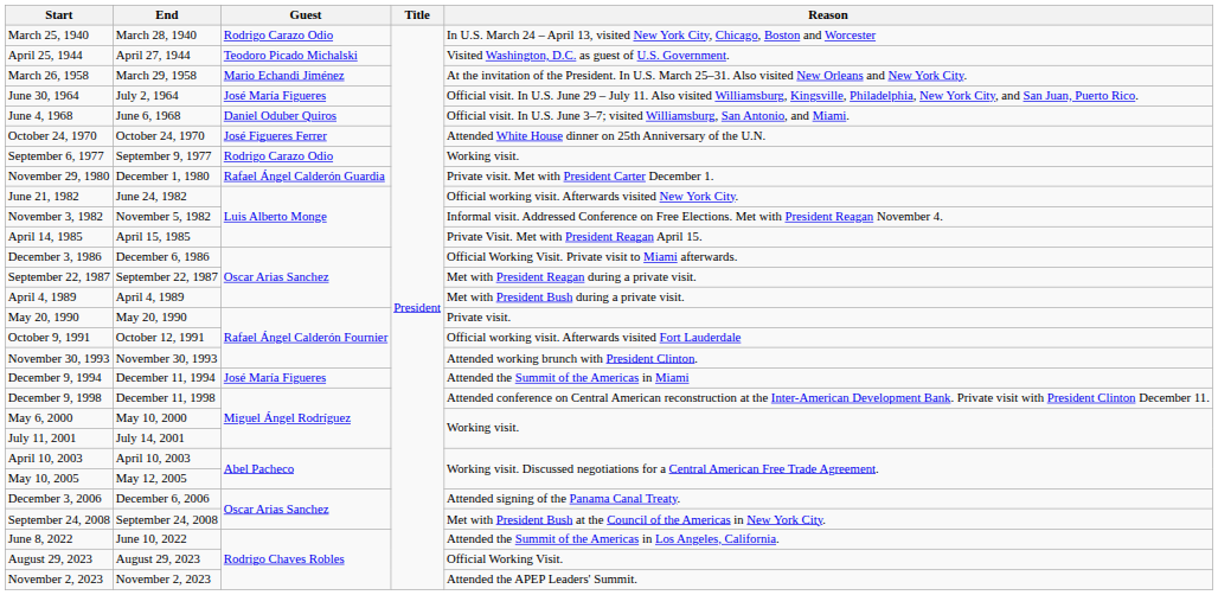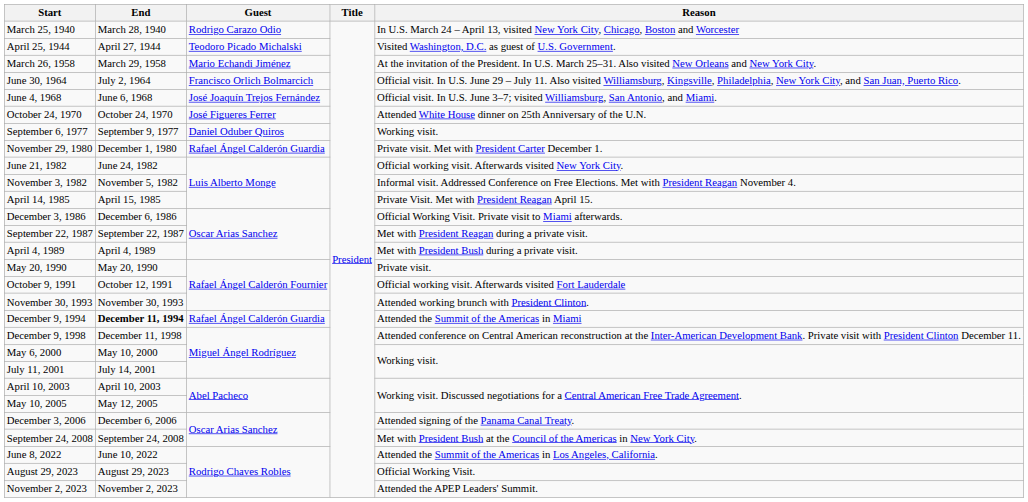 <table class="wikitable sortable">
 <tr>
 <th>Start</th>
 <th>End</th>
 <th>Guest</th>
 <th>Title</th>
 <th>Reason</th>
 </tr>
 <tr>
 <td>March 25, 1940</td>
 <td>March 28, 1940</td>
 <td><a href='#'>Rodrigo Carazo Odio</a></td>
 <td rowspan=28><a href='#'>President</a></td>
 <td>In U.S. March 24 – April 13, visited <a href='#'>New York City</a>, <a href='#'>Chicago</a>, <a href='#'>Boston</a> and <a href='#'>Worcester</a></td>
 </tr>
 <tr>
 <td>April 25, 1944</td>
 <td>April 27, 1944</td>
 <td><a href='#'>Teodoro Picado Michalski</a></td>
 <td>Visited <a href='#'>Washington, D.C.</a> as guest of <a href='#'>U.S. Government</a>.</td>
 </tr>
 <tr>
 <td>March 26, 1958</td>
 <td>March 29, 1958</td>
 <td><a href='#'>Mario Echandi Jiménez</a></td>
 <td>At the invitation of the President. In U.S. March 25–31. Also visited <a href='#'>New Orleans</a> and <a href='#'>New York City</a>.</td>
 </tr>
 <tr>
 <td>June 30, 1964</td>
 <td>July 2, 1964</td>
-<td><a href='#'>José María Figueres</a></td>
+<td><a href='#'>Francisco Orlich Bolmarcich</a></td>
 <td>Official visit. In U.S. June 29 – July 11. Also visited <a href='#'>Williamsburg</a>, <a href='#'>Kingsville</a>, <a href='#'>Philadelphia</a>, <a href='#'>New York City</a>, and <a href='#'>San Juan, Puerto Rico</a>.</td>
 </tr>
 <tr>
 <td>June 4, 1968</td>
 <td>June 6, 1968</td>
-<td><a href='#'>Daniel Oduber Quiros</a></td>
+<td><a href='#'>José Joaquín Trejos Fernández</a></td>
 <td>Official visit. In U.S. June 3–7; visited <a href='#'>Williamsburg</a>, <a href='#'>San Antonio</a>, and <a href='#'>Miami</a>.</td>
 </tr>
 <tr>
 <td>October 24, 1970</td>
 <td>October 24, 1970</td>
 <td><a href='#'>José Figueres Ferrer</a></td>
 <td>Attended <a href='#'>White House</a> dinner on 25th Anniversary of the U.N.</td>
 </tr>
 <tr>
 <td>September 6, 1977</td>
 <td>September 9, 1977</td>
-<td><a href='#'>Rodrigo Carazo Odio</a></td>
+<td><a href='#'>Daniel Oduber Quiros</a></td>
 <td>Working visit.</td>
 </tr>
 <tr>
 <td>November 29, 1980</td>
 <td>December 1, 1980</td>
 <td><a href='#'>Rafael Ángel Calderón Guardia</a></td>
 <td>Private visit. Met with <a href='#'>President Carter</a> December 1.</td>
 </tr>
 <tr>
 <td>June 21, 1982</td>
 <td>June 24, 1982</td>
 <td rowspan=3><a href='#'>Luis Alberto Monge</a></td>
 <td>Official working visit. Afterwards visited <a href='#'>New York City</a>.</td>
 </tr>
 <tr>
 <td>November 3, 1982</td>
 <td>November 5, 1982</td>
 <td>Informal visit. Addressed Conference on Free Elections. Met with <a href='#'>President Reagan</a> November 4.</td>
 </tr>
 <tr>
 <td>April 14, 1985</td>
 <td>April 15, 1985</td>
 <td>Private Visit. Met with <a href='#'>President Reagan</a> April 15.</td>
 </tr>
 <tr>
 <td>December 3, 1986</td>
 <td>December 6, 1986</td>
 <td rowspan=3><a href='#'>Oscar Arias Sanchez</a></td>
 <td>Official Working Visit. Private visit to <a href='#'>Miami</a> afterwards.</td>
 </tr>
 <tr>
 <td>September 22, 1987</td>
 <td>September 22, 1987</td>
 <td>Met with <a href='#'>President Reagan</a> during a private visit.</td>
 </tr>
 <tr>
 <td>April 4, 1989</td>
 <td>April 4, 1989</td>
 <td>Met with <a href='#'>President Bush</a> during a private visit.</td>
 </tr>
 <tr>
 <td>May 20, 1990</td>
 <td>May 20, 1990</td>
 <td rowspan=3><a href='#'>Rafael Ángel Calderón Fournier</a></td>
 <td>Private visit.</td>
 </tr>
 <tr>
 <td>October 9, 1991</td>
 <td>October 12, 1991</td>
 <td>Official working visit. Afterwards visited <a href='#'>Fort Lauderdale</a></td>
 </tr>
 <tr>
 <td>November 30, 1993</td>
 <td>November 30, 1993</td>
 <td>Attended working brunch with <a href='#'>President Clinton</a>.</td>
 </tr>
 <tr>
 <td>December 9, 1994</td>
-<td>December 11, 1994</td>
-<td><a href='#'>José María Figueres</a></td>
+<td><strong>December 11, 1994</strong></td>
+<td><a href='#'>Rafael Ángel Calderón Guardia</a></td>
 <td>Attended the <a href='#'>Summit of the Americas</a> in <a href='#'>Miami</a></td>
 </tr>
 <tr>
 <td>December 9, 1998</td>
 <td>December 11, 1998</td>
 <td rowspan=3><a href='#'>Miguel Ángel Rodríguez</a></td>
 <td>Attended conference on Central American reconstruction at the <a href='#'>Inter-American Development Bank</a>. Private visit with <a href='#'>President Clinton</a> December 11.</td>
 </tr>
 <tr>
 <td>May 6, 2000</td>
 <td>May 10, 2000</td>
 <td rowspan=2>Working visit.</td>
 </tr>
 <tr>
 <td>July 11, 2001</td>
 <td>July 14, 2001</td>
 </tr>
 <tr>
 <td>April 10, 2003</td>
 <td>April 10, 2003</td>
 <td rowspan=2><a href='#'>Abel Pacheco</a></td>
 <td rowspan=2>Working visit. Discussed negotiations for a <a href='#'>Central American Free Trade Agreement</a>.</td>
 </tr>
 <tr>
 <td>May 10, 2005</td>
 <td>May 12, 2005</td>
 </tr>
 <tr>
 <td>December 3, 2006</td>
 <td>December 6, 2006</td>
 <td rowspan=2><a href='#'>Oscar Arias Sanchez</a></td>
 <td>Attended signing of the <a href='#'>Panama Canal Treaty</a>.</td>
 </tr>
 <tr>
 <td>September 24, 2008</td>
 <td>September 24, 2008</td>
 <td>Met with <a href='#'>President Bush</a> at the <a href='#'>Council of the Americas</a> in <a href='#'>New York City</a>.</td>
 </tr>
 <tr>
 <td>June 8, 2022</td>
 <td>June 10, 2022</td>
 <td rowspan=3><a href='#'>Rodrigo Chaves Robles</a></td>
 <td>Attended the <a href='#'>Summit of the Americas</a> in <a href='#'>Los Angeles, California</a>.</td>
 </tr>
 <tr>
 <td>August 29, 2023</td>
 <td>August 29, 2023</td>
 <td>Official Working Visit.</td>
 </tr>
 <tr>
 <td>November 2, 2023</td>
 <td>November 2, 2023</td>
 <td>Attended the APEP Leaders' Summit.</td>
 </tr>
 </table>
